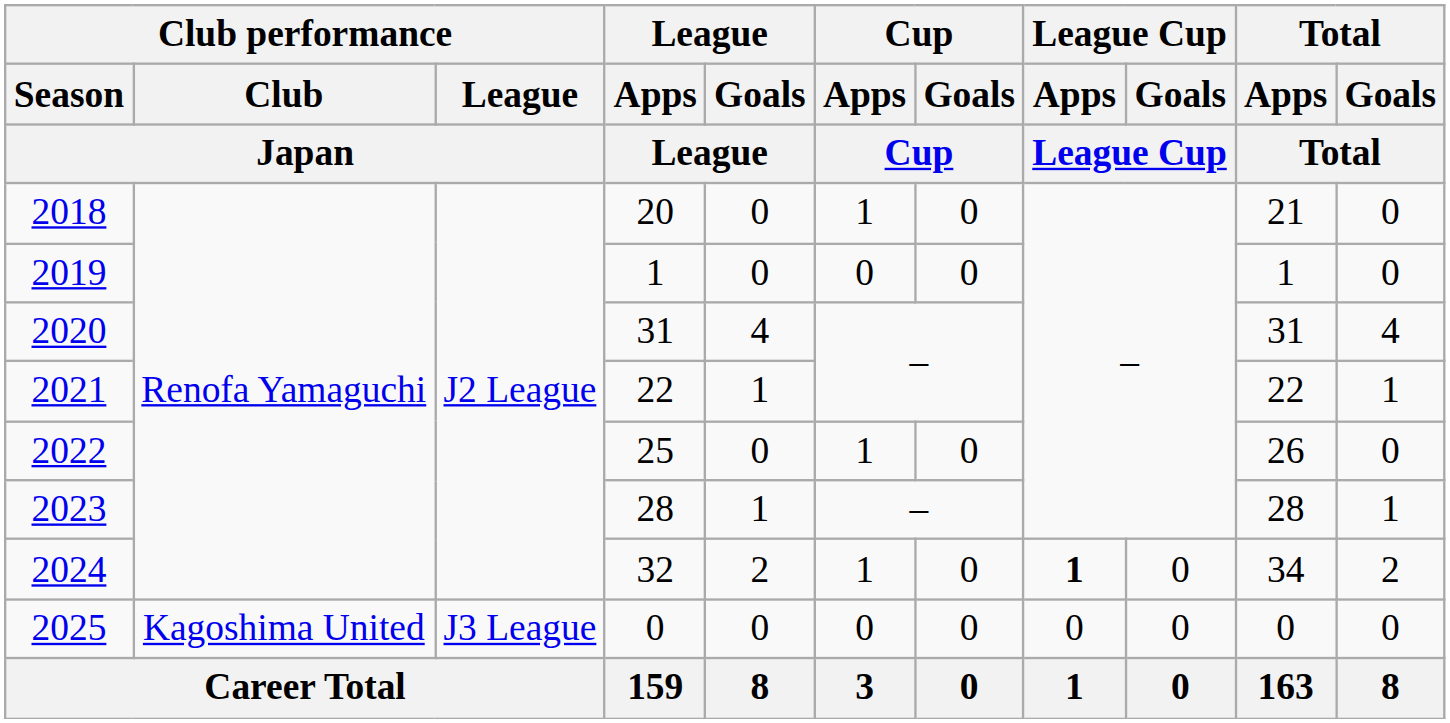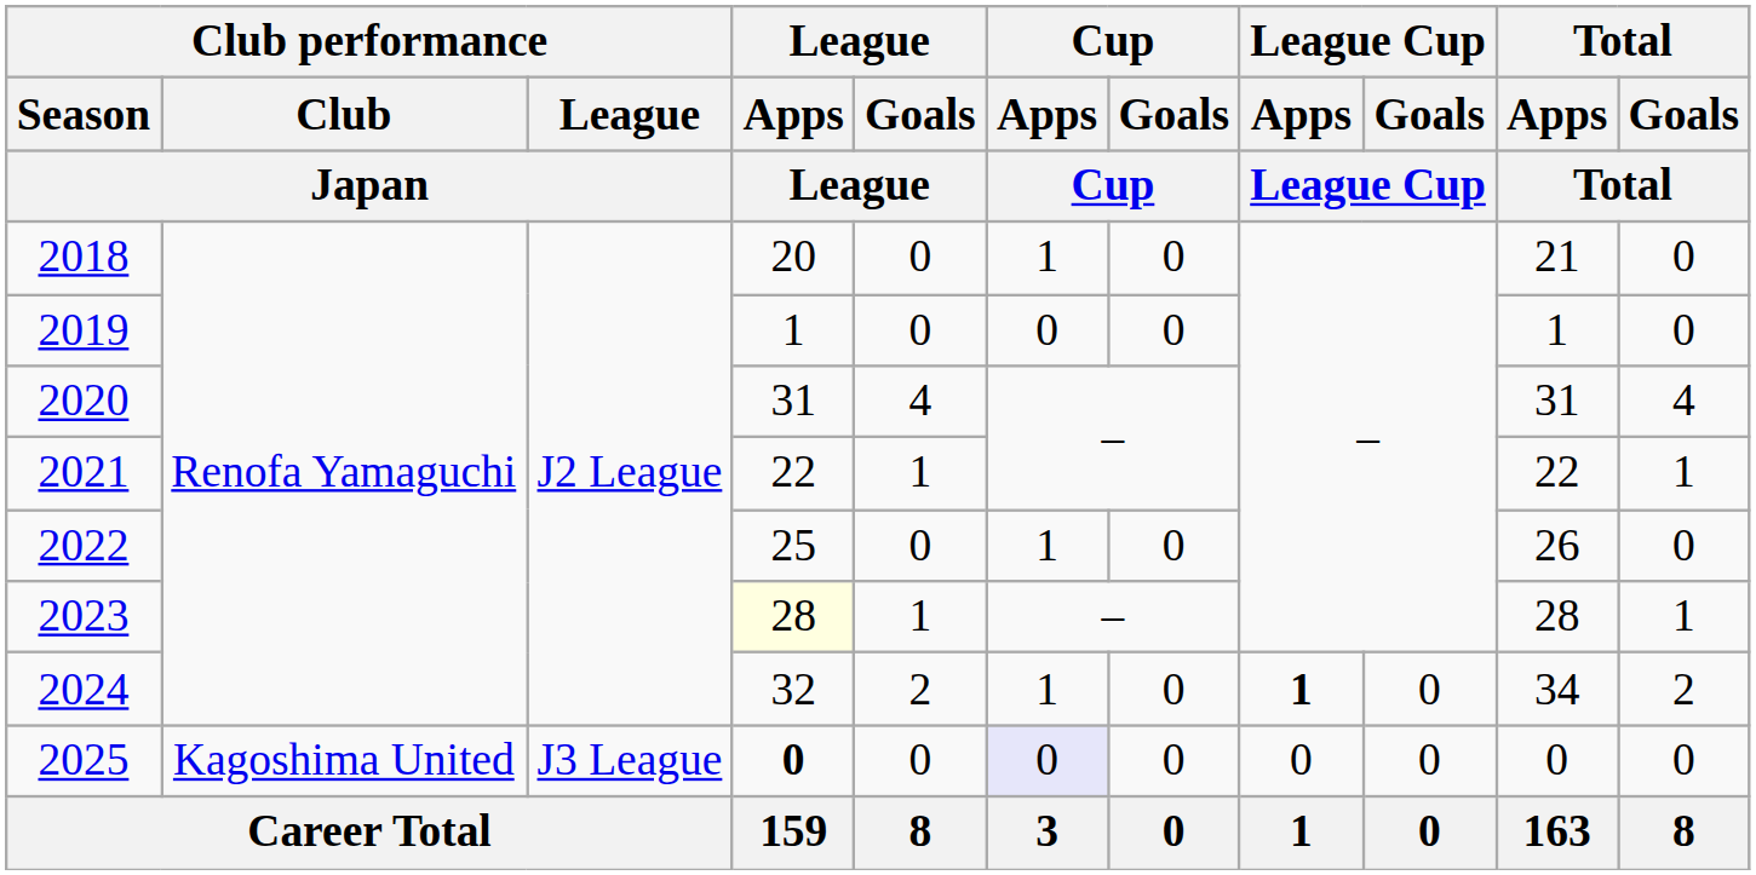 <table class="wikitable" style="text-align:center;">
 <tr>
 <th colspan=3>Club performance</th>
 <th colspan=2>League</th>
 <th colspan=2>Cup</th>
 <th colspan=2>League Cup</th>
 <th colspan=2>Total</th>
 </tr>
 <tr>
 <th>Season</th>
 <th>Club</th>
 <th>League</th>
 <th>Apps</th>
 <th>Goals</th>
 <th>Apps</th>
 <th>Goals</th>
 <th>Apps</th>
 <th>Goals</th>
 <th>Apps</th>
 <th>Goals</th>
 </tr>
 <tr>
 <th colspan=3>Japan</th>
 <th colspan=2>League</th>
 <th colspan=2><a href='#'>Cup</a></th>
 <th colspan=2><a href='#'>League Cup</a></th>
 <th colspan=2>Total</th>
 </tr>
 <tr>
 <td><a href='#'>2018</a></td>
 <td rowspan="7"><a href='#'>Renofa Yamaguchi</a></td>
 <td rowspan="7"><a href='#'>J2 League</a></td>
 <td>20</td>
 <td>0</td>
 <td>1</td>
 <td>0</td>
 <td rowspan=6 colspan=2>–</td>
 <td>21</td>
 <td>0</td>
 </tr>
 <tr>
 <td><a href='#'>2019</a></td>
 <td>1</td>
 <td>0</td>
 <td>0</td>
 <td>0</td>
 <td>1</td>
 <td>0</td>
 </tr>
 <tr>
 <td><a href='#'>2020</a></td>
 <td>31</td>
 <td>4</td>
 <td rowspan=2 colspan=2>–</td>
 <td>31</td>
 <td>4</td>
 </tr>
 <tr>
 <td><a href='#'>2021</a></td>
 <td>22</td>
 <td>1</td>
 <td>22</td>
 <td>1</td>
 </tr>
 <tr>
 <td><a href='#'>2022</a></td>
 <td>25</td>
 <td>0</td>
 <td>1</td>
 <td>0</td>
 <td>26</td>
 <td>0</td>
 </tr>
 <tr>
 <td><a href='#'>2023</a></td>
-<td>28</td>
+<td style="background: lightyellow;">28</td>
 <td>1</td>
 <td colspan=2>–</td>
 <td>28</td>
 <td>1</td>
 </tr>
 <tr>
 <td><a href='#'>2024</a></td>
 <td>32</td>
 <td>2</td>
 <td>1</td>
 <td>0</td>
 <td><strong>1</strong></td>
 <td>0</td>
 <td>34</td>
 <td>2</td>
 </tr>
 <tr>
 <td><a href='#'>2025</a></td>
 <td><a href='#'>Kagoshima United</a></td>
 <td><a href='#'>J3 League</a></td>
+<td><strong>0</strong></td>
 <td>0</td>
-<td>0</td>
-<td>0</td>
+<td style="background: lavender;">0</td>
 <td>0</td>
 <td>0</td>
 <td>0</td>
 <td>0</td>
 <td>0</td>
 </tr>
 <tr>
 <th colspan=3>Career Total</th>
 <th>159</th>
 <th>8</th>
 <th>3</th>
 <th>0</th>
 <th>1</th>
 <th>0</th>
 <th>163</th>
 <th>8</th>
 </tr>
 </table>
